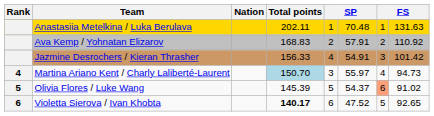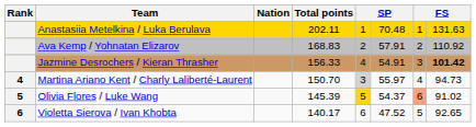 <table class="wikitable sortable" style="text-align:left">
 <tr>
 <th scope="col">Rank</th>
 <th scope="col">Team</th>
 <th scope="col">Nation</th>
 <th scope="col">Total points</th>
 <th colspan="2" scope="col" width="80px"><a href='#'>SP</a></th>
 <th colspan="2" scope="col" width="80px"><a href='#'>FS</a></th>
 </tr>
 <tr bgcolor="gold">
 <th scope="row"></th>
 <td><a href='#'>Anastasiia Metelkina</a> / <a href='#'>Luka Berulava</a></td>
 <td></td>
 <td align="center">202.11</td>
 <td align="center">1</td>
 <td align="center">70.48</td>
 <td align="center">1</td>
 <td align="center">131.63</td>
 </tr>
 <tr bgcolor="silver">
 <th scope="row"></th>
 <td><a href='#'>Ava Kemp</a> / <a href='#'>Yohnatan Elizarov</a></td>
 <td></td>
 <td align="center">168.83</td>
 <td align="center">2</td>
 <td align="center">57.91</td>
 <td align="center">2</td>
 <td align="center">110.92</td>
 </tr>
 <tr bgcolor="cc9966">
 <th scope="row"></th>
 <td><a href='#'>Jazmine Desrochers</a> / <a href='#'>Kieran Thrasher</a></td>
 <td></td>
 <td align="center">156.33</td>
 <td align="center">4</td>
 <td align="center">54.91</td>
 <td align="center">3</td>
-<td align="center">101.42</td>
+<td align="center"><strong>101.42</strong></td>
 </tr>
 <tr>
 <th scope="row">4</th>
 <td><a href='#'>Martina Ariano Kent</a> / <a href='#'>Charly Laliberté-Laurent</a></td>
 <td></td>
-<td align="center" style="background: lightblue;">150.70</td>
-<td align="center">3</td>
+<td align="center">150.70</td>
+<td align="center" style="background: lightgrey;">3</td>
 <td align="center">55.97</td>
 <td align="center">4</td>
 <td align="center">94.73</td>
 </tr>
 <tr>
 <th scope="row">5</th>
 <td><a href='#'>Olivia Flores</a> / <a href='#'>Luke Wang</a></td>
 <td></td>
 <td align="center">145.39</td>
-<td align="center">5</td>
+<td align="center" style="background: gold;">5</td>
 <td align="center">54.37</td>
 <td align="center" style="background: lightsalmon;">6</td>
 <td align="center">91.02</td>
 </tr>
 <tr>
 <th scope="row">6</th>
 <td><a href='#'>Violetta Sierova</a> / <a href='#'>Ivan Khobta</a></td>
 <td></td>
-<td align="center"><strong>140.17</strong></td>
+<td align="center">140.17</td>
 <td align="center">6</td>
 <td align="center">47.52</td>
 <td align="center">5</td>
 <td align="center">92.65</td>
 </tr>
 </table>
